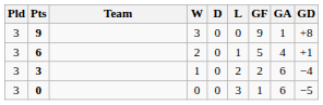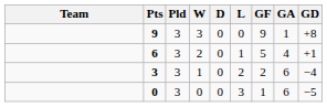 <table class="wikitable" style="text-align:center;">
 <tr>
+<th width=175>Team</th>
+<th width=20 abbr="Points">Pts</th>
 <th width=20 abbr="Played">Pld</th>
-<th width=20 abbr="Points">Pts</th>
-<th width=175>Team</th>
 <th width=20 abbr="Won">W</th>
 <th width=20 abbr="Drawn">D</th>
 <th width=20 abbr="Lost">L</th>
 <th width=20 abbr="Goals for">GF</th>
 <th width=20 abbr="Goals against">GA</th>
 <th width=20 abbr="Goal difference">GD</th>
 </tr>
 <tr>
+<td style="text-align:left;"></td>
+<td><strong>9</strong></td>
 <td>3</td>
-<td><strong>9</strong></td>
-<td style="text-align:left;"></td>
 <td>3</td>
 <td>0</td>
 <td>0</td>
 <td>9</td>
 <td>1</td>
 <td>+8</td>
 </tr>
 <tr>
+<td style="text-align:left;"></td>
+<td><strong>6</strong></td>
 <td>3</td>
-<td><strong>6</strong></td>
-<td style="text-align:left;"></td>
 <td>2</td>
 <td>0</td>
 <td>1</td>
 <td>5</td>
 <td>4</td>
 <td>+1</td>
 </tr>
 <tr>
+<td style="text-align:left;"></td>
+<td><strong>3</strong></td>
 <td>3</td>
-<td><strong>3</strong></td>
-<td style="text-align:left;"></td>
 <td>1</td>
 <td>0</td>
 <td>2</td>
 <td>2</td>
 <td>6</td>
 <td>−4</td>
 </tr>
 <tr>
+<td style="text-align:left;"></td>
+<td><strong>0</strong></td>
 <td>3</td>
-<td><strong>0</strong></td>
-<td style="text-align:left;"></td>
 <td>0</td>
 <td>0</td>
 <td>3</td>
 <td>1</td>
 <td>6</td>
 <td>−5</td>
 </tr>
 </table>
